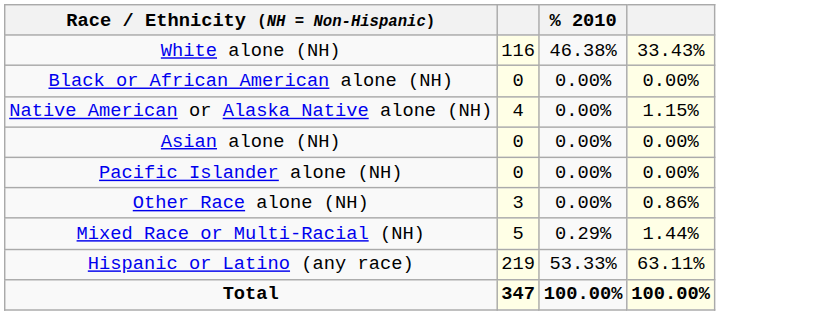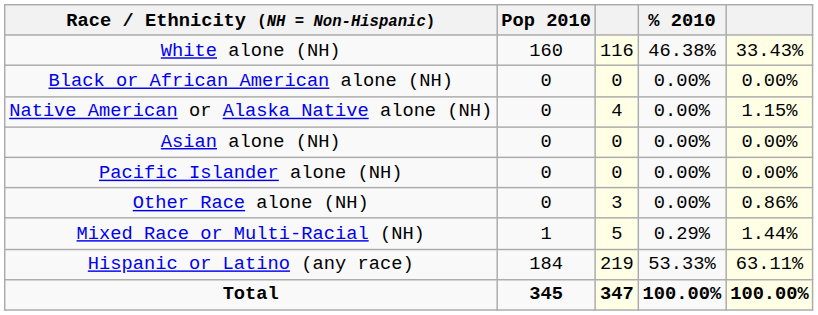 <table class="wikitable" style="text-align:center;">
 <tr>
 <th>Race / Ethnicity <small>(<em>NH = Non-Hispanic</em>)</small></th>
+<th>Pop 2010</th>
 <th></th>
 <th>% 2010</th>
 <th></th>
 </tr>
 <tr>
 <td><a href='#'>White</a> alone (NH)</td>
+<td>160</td>
 <td style='background: #ffffe6;'>116</td>
 <td>46.38%</td>
 <td style='background: #ffffe6;'>33.43%</td>
 </tr>
 <tr>
 <td><a href='#'>Black or African American</a> alone (NH)</td>
+<td>0</td>
 <td style='background: #ffffe6;'>0</td>
 <td>0.00%</td>
 <td style='background: #ffffe6;'>0.00%</td>
 </tr>
 <tr>
 <td><a href='#'>Native American</a> or <a href='#'>Alaska Native</a> alone (NH)</td>
+<td>0</td>
 <td style='background: #ffffe6;'>4</td>
 <td>0.00%</td>
 <td style='background: #ffffe6;'>1.15%</td>
 </tr>
 <tr>
 <td><a href='#'>Asian</a> alone (NH)</td>
+<td>0</td>
 <td style='background: #ffffe6;'>0</td>
 <td>0.00%</td>
 <td style='background: #ffffe6;'>0.00%</td>
 </tr>
 <tr>
 <td><a href='#'>Pacific Islander</a> alone (NH)</td>
+<td>0</td>
 <td style='background: #ffffe6;'>0</td>
 <td>0.00%</td>
 <td style='background: #ffffe6;'>0.00%</td>
 </tr>
 <tr>
 <td><a href='#'>Other Race</a> alone (NH)</td>
+<td>0</td>
 <td style='background: #ffffe6;'>3</td>
 <td>0.00%</td>
 <td style='background: #ffffe6;'>0.86%</td>
 </tr>
 <tr>
 <td><a href='#'>Mixed Race or Multi-Racial</a> (NH)</td>
+<td>1</td>
 <td style='background: #ffffe6;'>5</td>
 <td>0.29%</td>
 <td style='background: #ffffe6;'>1.44%</td>
 </tr>
 <tr>
 <td><a href='#'>Hispanic or Latino</a> (any race)</td>
+<td>184</td>
 <td style='background: #ffffe6;'>219</td>
 <td>53.33%</td>
 <td style='background: #ffffe6;'>63.11%</td>
 </tr>
 <tr>
 <td><strong>Total</strong></td>
+<td><strong>345</strong></td>
 <td style='background: #ffffe6;'><strong>347</strong></td>
 <td><strong>100.00%</strong></td>
 <td style='background: #ffffe6;'><strong>100.00%</strong></td>
 </tr>
 </table>
